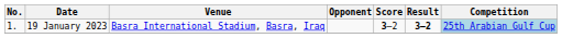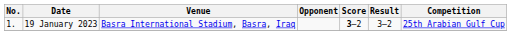 <table class="wikitable">
 <tr>
 <th>No.</th>
 <th>Date</th>
 <th>Venue</th>
 <th>Opponent</th>
 <th>Score</th>
 <th>Result</th>
 <th>Competition</th>
 </tr>
 <tr>
 <td>1.</td>
 <td>19 January 2023</td>
 <td><a href='#'>Basra International Stadium</a>, <a href='#'>Basra</a>, <a href='#'>Iraq</a></td>
 <td></td>
 <td align=center><strong>3</strong>–2</td>
-<td align=center><strong>3–2<br></strong></td>
-<td style="background: lightblue;"><a href='#'>25th Arabian Gulf Cup</a></td>
+<td align=center>3–2<br></td>
+<td><a href='#'>25th Arabian Gulf Cup</a></td>
 </tr>
 <tr>
 </tr>
 </table>
